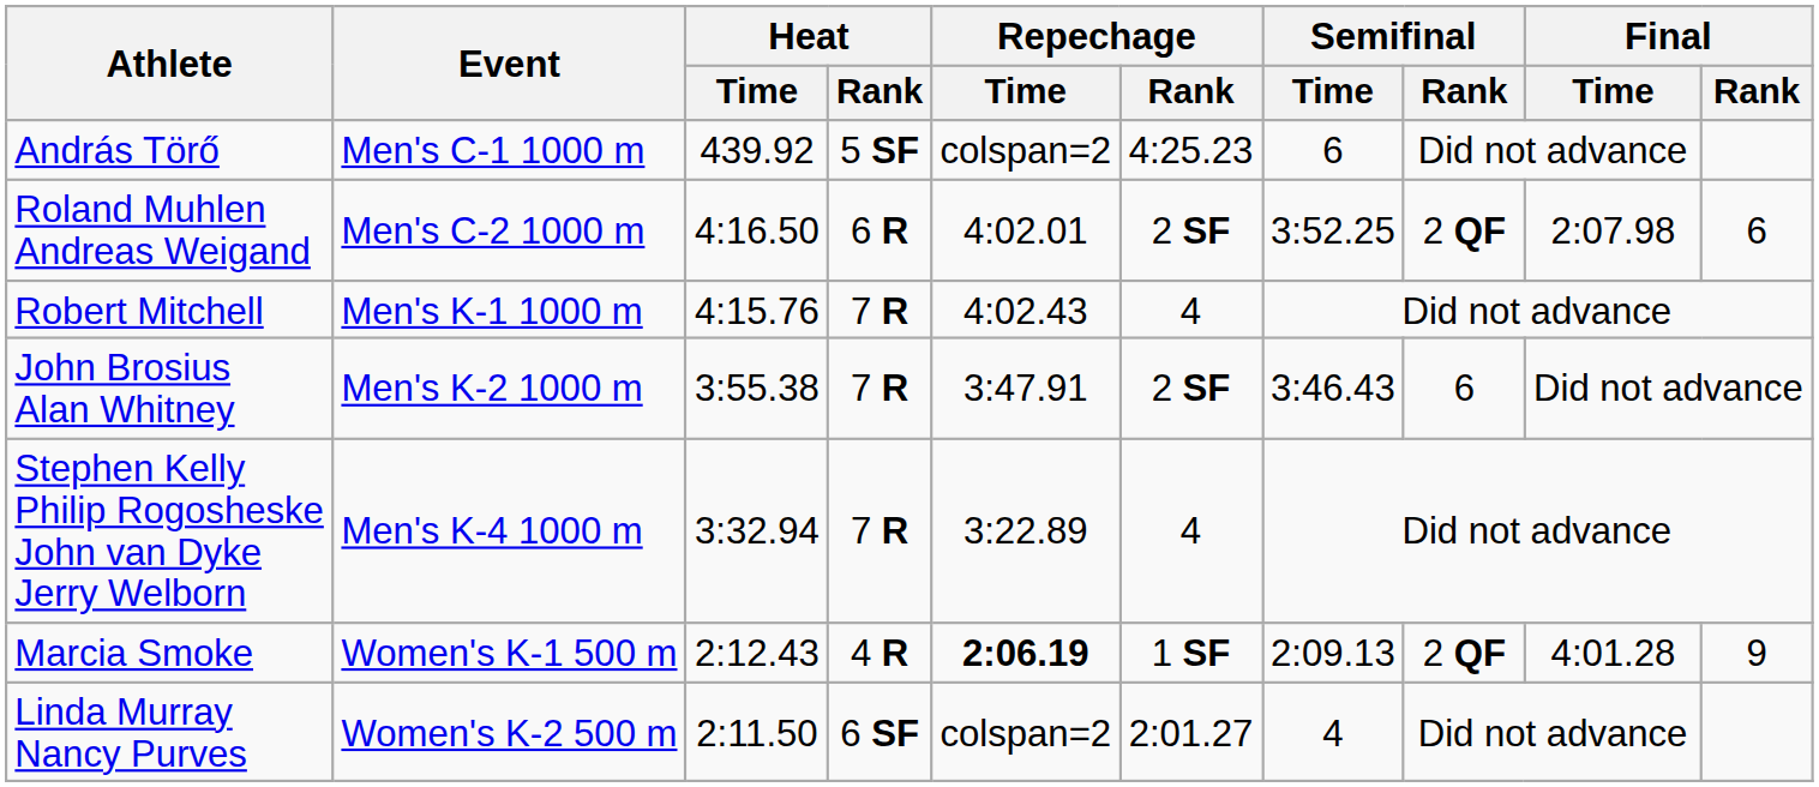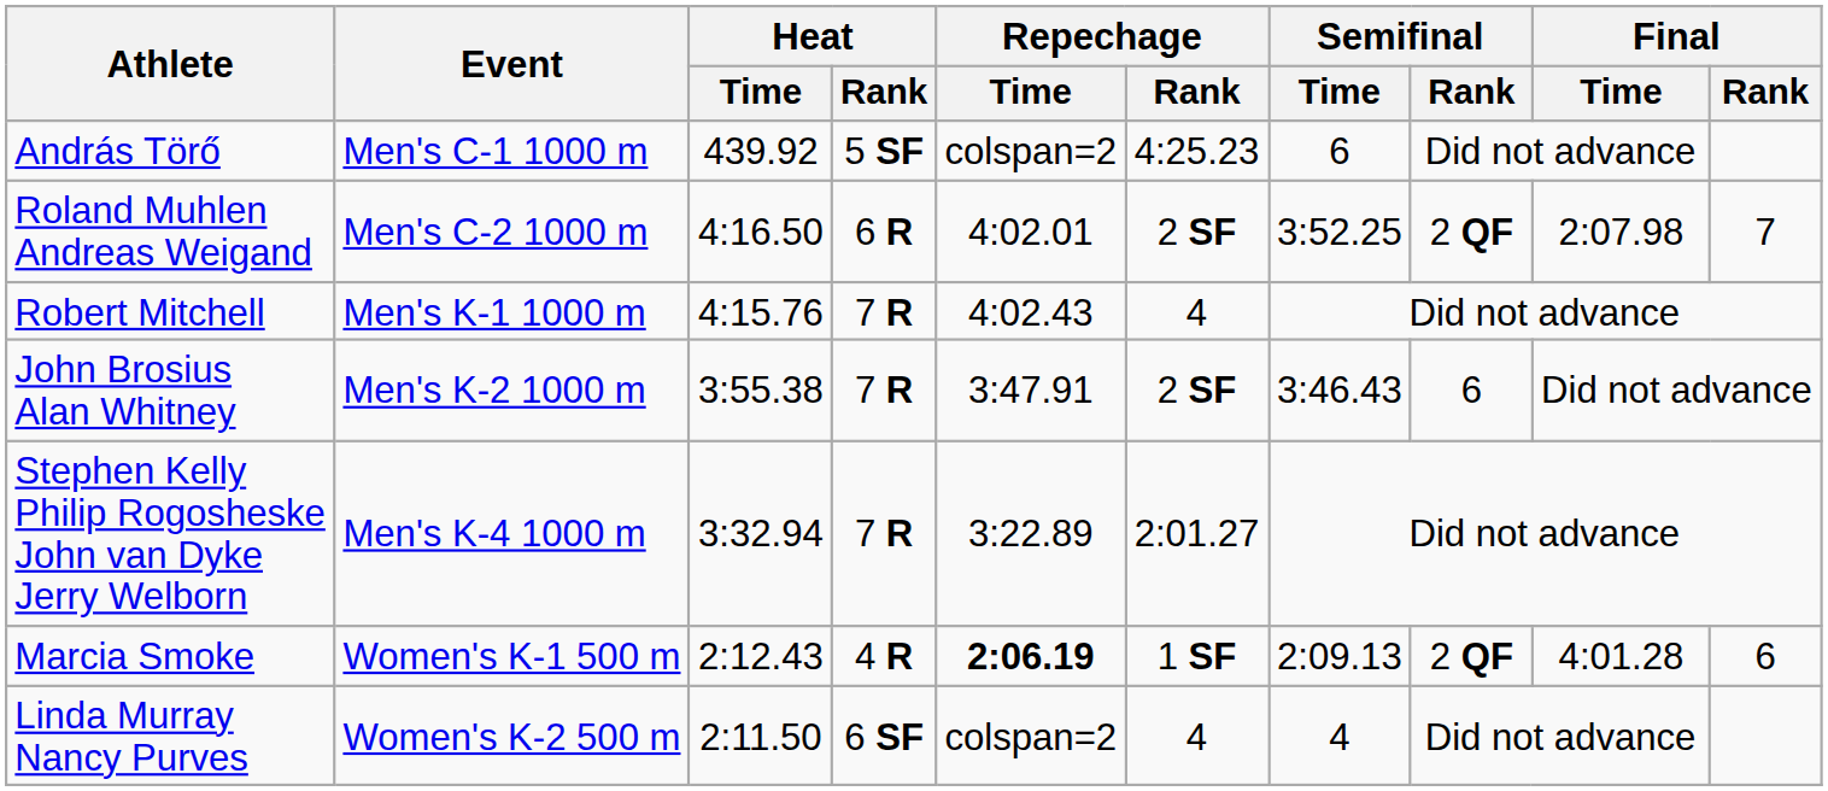 <table class=wikitable style=font-size:90%;text-align:center>
 <tr>
 <th rowspan=2>Athlete</th>
 <th rowspan=2>Event</th>
 <th colspan=2>Heat</th>
 <th colspan=2>Repechage</th>
 <th colspan=2>Semifinal</th>
 <th colspan=2>Final</th>
 </tr>
 <tr style=font-size:95%>
 <th>Time</th>
 <th>Rank</th>
 <th>Time</th>
 <th>Rank</th>
 <th>Time</th>
 <th>Rank</th>
 <th>Time</th>
 <th>Rank</th>
 </tr>
 <tr>
 <td align=left><a href='#'>András Törő</a></td>
 <td align=left><a href='#'>Men's C-1 1000 m</a></td>
 <td>439.92</td>
 <td>5 <strong>SF</strong></td>
 <td>colspan=2 </td>
 <td>4:25.23</td>
 <td>6</td>
 <td colspan=2>Did not advance</td>
 </tr>
 <tr>
 <td align=left><a href='#'>Roland Muhlen</a><br><a href='#'>Andreas Weigand</a></td>
 <td align=left><a href='#'>Men's C-2 1000 m</a></td>
 <td>4:16.50</td>
 <td>6 <strong>R</strong></td>
 <td>4:02.01</td>
 <td>2 <strong>SF</strong></td>
 <td>3:52.25</td>
 <td>2 <strong>QF</strong></td>
 <td>2:07.98</td>
-<td>6</td>
+<td>7</td>
 </tr>
 <tr>
 <td align=left><a href='#'>Robert Mitchell</a></td>
 <td align=left><a href='#'>Men's K-1 1000 m</a></td>
 <td>4:15.76</td>
 <td>7 <strong>R</strong></td>
 <td>4:02.43</td>
 <td>4</td>
 <td colspan=4>Did not advance</td>
 </tr>
 <tr>
 <td align=left><a href='#'>John Brosius</a><br><a href='#'>Alan Whitney</a></td>
 <td align=left><a href='#'>Men's K-2 1000 m</a></td>
 <td>3:55.38</td>
 <td>7 <strong>R</strong></td>
 <td>3:47.91</td>
 <td>2 <strong>SF</strong></td>
 <td>3:46.43</td>
 <td>6</td>
 <td colspan=2>Did not advance</td>
 </tr>
 <tr>
 <td align=left><a href='#'>Stephen Kelly</a><br><a href='#'>Philip Rogosheske</a><br><a href='#'>John van Dyke</a><br><a href='#'>Jerry Welborn</a></td>
 <td align=left><a href='#'>Men's K-4 1000 m</a></td>
 <td>3:32.94</td>
 <td>7 <strong>R</strong></td>
 <td>3:22.89</td>
-<td>4</td>
+<td>2:01.27</td>
 <td colspan=4>Did not advance</td>
 </tr>
 <tr>
 <td align=left><a href='#'>Marcia Smoke</a></td>
 <td align=left><a href='#'>Women's K-1 500 m</a></td>
 <td>2:12.43</td>
 <td>4 <strong>R</strong></td>
 <td><strong>2:06.19</strong></td>
 <td>1 <strong>SF</strong></td>
 <td>2:09.13</td>
 <td>2 <strong>QF</strong></td>
 <td>4:01.28</td>
-<td>9</td>
+<td>6</td>
 </tr>
 <tr>
 <td align=left><a href='#'>Linda Murray</a><br><a href='#'>Nancy Purves</a></td>
 <td align=left><a href='#'>Women's K-2 500 m</a></td>
 <td>2:11.50</td>
 <td>6 <strong>SF</strong></td>
 <td>colspan=2 </td>
-<td>2:01.27</td>
+<td>4</td>
 <td>4</td>
 <td colspan=2>Did not advance</td>
 </tr>
 </table>
